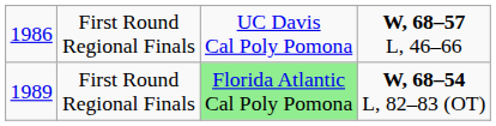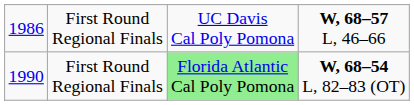 <table class="wikitable">
 <tr align="center">
 <td><a href='#'>1986</a></td>
 <td>First Round<br>Regional Finals</td>
 <td><a href='#'>UC Davis</a><br><a href='#'>Cal Poly Pomona</a></td>
 <td><strong>W, 68–57</strong><br>L, 46–66</td>
 </tr>
 <tr align="center">
-<td><a href='#'>1989</a></td>
+<td><a href='#'>1990</a></td>
 <td>First Round<br>Regional Finals</td>
 <td style="background: lightgreen;"><a href='#'>Florida Atlantic</a><br>Cal Poly Pomona</td>
 <td><strong>W, 68–54</strong><br>L, 82–83 (OT)</td>
 </tr>
 </table>
